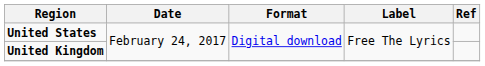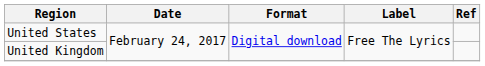 <table class="wikitable">
 <tr>
 <th>Region</th>
 <th>Date</th>
 <th>Format</th>
 <th>Label</th>
 <th>Ref</th>
 </tr>
 <tr>
-<td><strong>United States</strong></td>
+<td>United States</td>
 <td rowspan="2">February 24, 2017</td>
 <td rowspan="2"><a href='#'>Digital download</a></td>
 <td rowspan="2">Free The Lyrics</td>
 <td></td>
 </tr>
 <tr>
-<td><strong>United Kingdom</strong></td>
+<td>United Kingdom</td>
 <td></td>
 </tr>
 <tr>
 </tr>
 </table>
